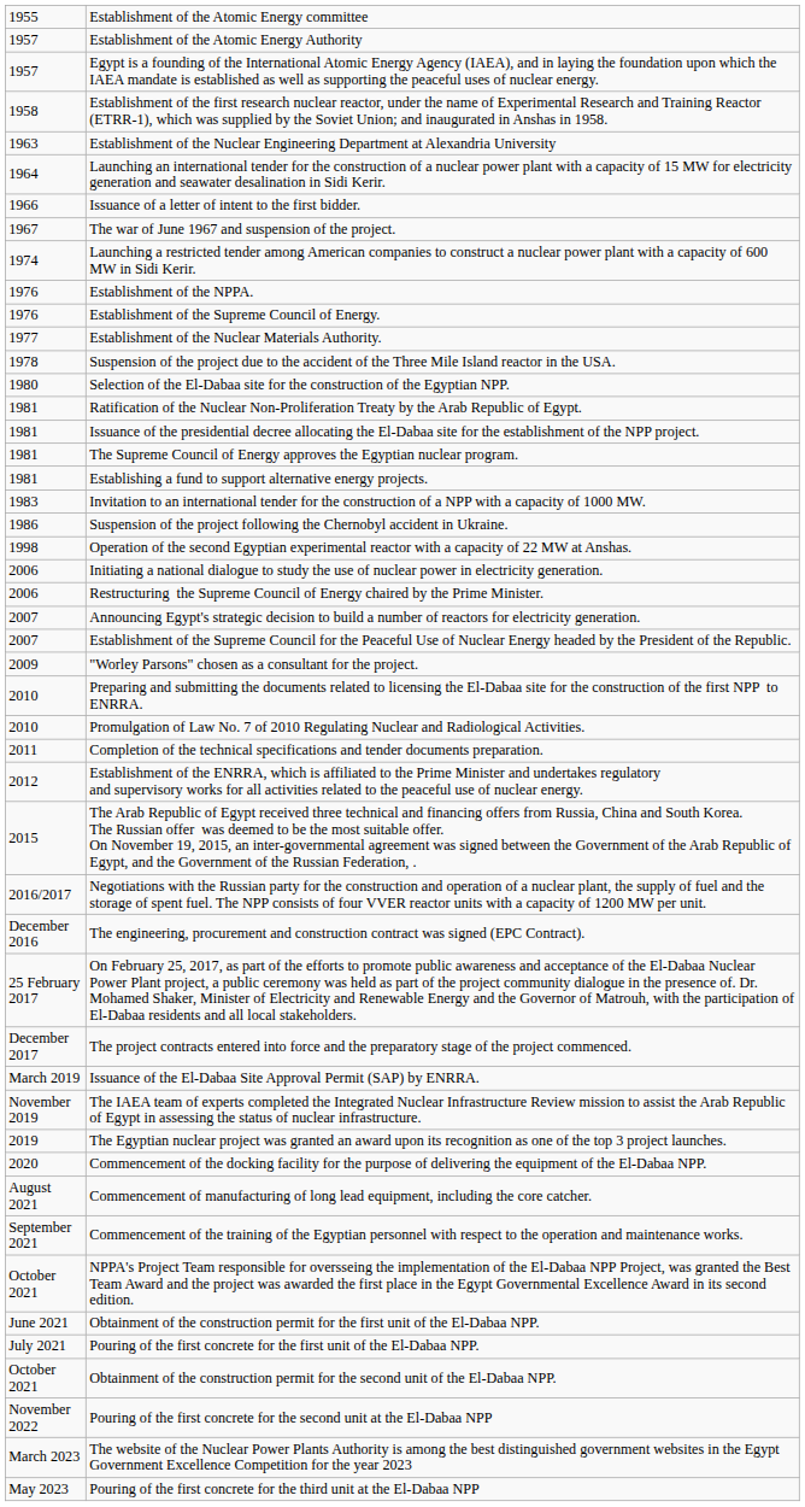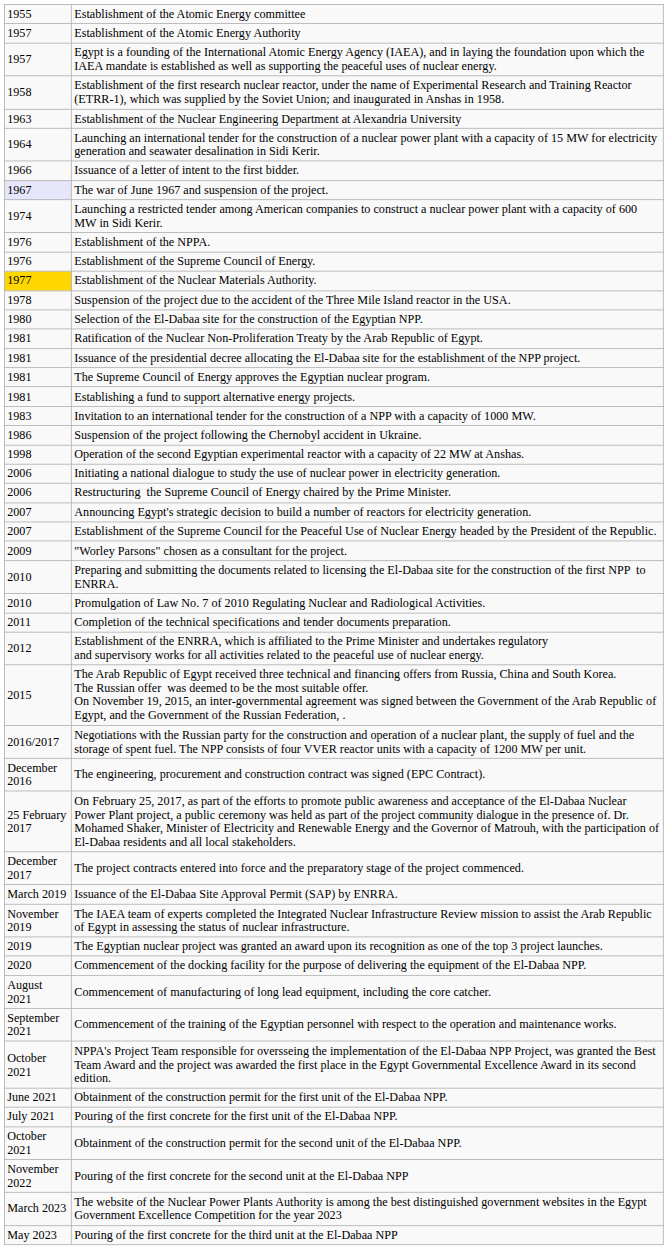 <table class="wikitable">
 <tr>
 <td>1955</td>
 <td>Establishment of the Atomic Energy committee</td>
 </tr>
 <tr>
 <td>1957</td>
 <td>Establishment of the Atomic Energy Authority</td>
 </tr>
 <tr>
 <td>1957</td>
 <td>Egypt is a founding of the International Atomic Energy Agency  (IAEA), and in laying the foundation upon which the IAEA mandate is  established as well as supporting the peaceful uses of nuclear energy.</td>
 </tr>
 <tr>
 <td>1958</td>
 <td>Establishment of the first research nuclear reactor, under the  name of Experimental Research and Training Reactor (ETRR-1), which was supplied  by the Soviet Union; and inaugurated in Anshas in 1958.</td>
 </tr>
 <tr>
 <td>1963</td>
 <td>Establishment of the Nuclear Engineering Department at  Alexandria University</td>
 </tr>
 <tr>
 <td>1964</td>
 <td>Launching an international tender for the construction of a  nuclear power plant with a capacity of 15 MW for electricity generation and seawater  desalination in Sidi Kerir.</td>
 </tr>
 <tr>
 <td>1966</td>
 <td>Issuance of a letter of intent to the first bidder.</td>
 </tr>
 <tr>
-<td>1967</td>
+<td style="background: lavender;">1967</td>
 <td>The war of June 1967 and suspension of the project.</td>
 </tr>
 <tr>
 <td>1974</td>
 <td>Launching a restricted tender among American companies to  construct a nuclear power plant with a capacity of 600 MW in Sidi Kerir.</td>
 </tr>
 <tr>
 <td>1976</td>
 <td>Establishment of the NPPA.</td>
 </tr>
 <tr>
 <td>1976</td>
 <td>Establishment of the Supreme Council of Energy.</td>
 </tr>
 <tr>
-<td>1977</td>
+<td style="background: gold;">1977</td>
 <td>Establishment of the Nuclear Materials Authority.</td>
 </tr>
 <tr>
 <td>1978</td>
 <td>Suspension of the project due to the accident of the Three  Mile Island reactor in the USA.</td>
 </tr>
 <tr>
 <td>1980</td>
 <td>Selection of the El-Dabaa site for the construction of the  Egyptian NPP.</td>
 </tr>
 <tr>
 <td>1981</td>
 <td>Ratification of the Nuclear Non-Proliferation Treaty by the  Arab Republic of Egypt.</td>
 </tr>
 <tr>
 <td>1981</td>
 <td>Issuance of the presidential decree allocating the El-Dabaa  site for the establishment of the NPP project.</td>
 </tr>
 <tr>
 <td>1981</td>
 <td>The Supreme Council of Energy approves the Egyptian nuclear  program.</td>
 </tr>
 <tr>
 <td>1981</td>
 <td>Establishing a fund to support alternative energy projects.</td>
 </tr>
 <tr>
 <td>1983</td>
 <td>Invitation to an international tender for the construction of a  NPP with a capacity of 1000 MW.</td>
 </tr>
 <tr>
 <td>1986</td>
 <td>Suspension of the project following the Chernobyl accident in  Ukraine.</td>
 </tr>
 <tr>
 <td>1998</td>
 <td>Operation of the second Egyptian experimental reactor with a capacity  of 22 MW at Anshas.</td>
 </tr>
 <tr>
 <td>2006</td>
 <td>Initiating a national dialogue to study the use of nuclear  power in electricity generation.</td>
 </tr>
 <tr>
 <td>2006</td>
 <td>Restructuring  the  Supreme Council of Energy chaired by the Prime Minister.</td>
 </tr>
 <tr>
 <td>2007</td>
 <td>Announcing Egypt's strategic decision to build a number of  reactors for electricity generation.</td>
 </tr>
 <tr>
 <td>2007</td>
 <td>Establishment of the Supreme Council for the Peaceful Use of Nuclear  Energy headed by the President of the Republic.</td>
 </tr>
 <tr>
 <td>2009</td>
 <td>"Worley Parsons" chosen as a consultant for the  project.</td>
 </tr>
 <tr>
 <td>2010</td>
 <td>Preparing and submitting the documents related to licensing  the El-Dabaa site for the construction of the first NPP  to ENRRA.</td>
 </tr>
 <tr>
 <td>2010</td>
 <td>Promulgation of Law No. 7 of 2010 Regulating Nuclear and Radiological  Activities.</td>
 </tr>
 <tr>
 <td>2011</td>
 <td>Completion of the technical specifications and tender  documents preparation.</td>
 </tr>
 <tr>
 <td>2012</td>
 <td>Establishment of the ENRRA, which is affiliated to the Prime  Minister and undertakes regulatory<br>and supervisory works for all activities  related to the peaceful use of nuclear energy.</td>
 </tr>
 <tr>
 <td>2015</td>
 <td>The Arab Republic of Egypt received three technical and  financing offers from Russia, China and South Korea.<br>The Russian offer  was deemed to be the most suitable offer.<br>On November 19, 2015, an inter-governmental agreement was  signed between the Government of the Arab Republic of Egypt, and the Government  of the Russian Federation, .</td>
 </tr>
 <tr>
 <td>2016/2017</td>
 <td>Negotiations with the Russian party for the construction and operation  of a nuclear plant, the supply of fuel and the storage of spent fuel. The NPP  consists of four VVER reactor units with a capacity of 1200 MW per unit.</td>
 </tr>
 <tr>
 <td>December 2016</td>
 <td>The engineering, procurement and construction contract was  signed (EPC Contract).</td>
 </tr>
 <tr>
 <td>25 February 2017</td>
 <td>On February 25, 2017, as part of the efforts to promote public  awareness and acceptance of the El-Dabaa Nuclear Power Plant project, a  public ceremony was held as part of the project community dialogue in the  presence of. Dr. Mohamed Shaker, Minister of Electricity and Renewable Energy  and the Governor of Matrouh, with the participation of El-Dabaa residents and  all local stakeholders.</td>
 </tr>
 <tr>
 <td>December 2017</td>
 <td>The project contracts entered into force and the preparatory  stage of the project commenced.</td>
 </tr>
 <tr>
 <td>March 2019</td>
 <td>Issuance of the El-Dabaa Site Approval Permit (SAP) by ENRRA.</td>
 </tr>
 <tr>
 <td>November 2019</td>
 <td>The IAEA team of experts completed the Integrated Nuclear  Infrastructure Review mission to assist the Arab Republic of Egypt in  assessing the status of nuclear infrastructure.</td>
 </tr>
 <tr>
 <td>2019</td>
 <td>The Egyptian nuclear project was granted an award upon its  recognition as one of the top 3 project launches.</td>
 </tr>
 <tr>
 <td>2020</td>
 <td>Commencement of the docking facility for the purpose of  delivering the equipment of the El-Dabaa NPP.</td>
 </tr>
 <tr>
 <td>August 2021</td>
 <td>Commencement of manufacturing of long lead equipment, including  the core catcher.</td>
 </tr>
 <tr>
 <td>September 2021</td>
 <td>Commencement of the training of the Egyptian personnel with  respect to the operation and maintenance works.</td>
 </tr>
 <tr>
 <td>October 2021</td>
 <td>NPPA's Project Team responsible for oversseing the  implementation of the El-Dabaa NPP Project, was granted the Best Team Award  and the project was awarded the first place in the Egypt Governmental Excellence  Award in its second edition.</td>
 </tr>
 <tr>
 <td>June 2021</td>
 <td>Obtainment of the construction permit for the first unit of  the El-Dabaa NPP.</td>
 </tr>
 <tr>
 <td>July 2021</td>
 <td>Pouring of the first concrete for the first unit of the  El-Dabaa NPP.</td>
 </tr>
 <tr>
 <td>October 2021</td>
 <td>Obtainment of the construction permit for the second unit of  the El-Dabaa NPP.</td>
 </tr>
 <tr>
 <td>November 2022</td>
 <td>Pouring of the first concrete for the second unit at the  El-Dabaa NPP</td>
 </tr>
 <tr>
 <td>March 2023</td>
 <td>The website of the Nuclear Power Plants Authority is among the best distinguished government websites in the Egypt Government Excellence Competition for the year 2023</td>
 </tr>
 <tr>
 <td>May 2023</td>
 <td>Pouring of the first concrete for the third unit at the  El-Dabaa NPP</td>
 </tr>
 </table>
